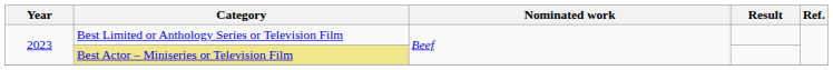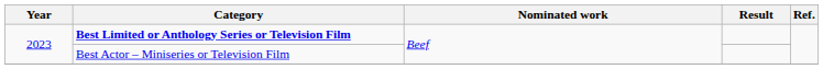 <table class=wikitable>
 <tr>
 <th scope="col" style="width:5em;">Year</th>
 <th scope="col" style="width:26em;">Category</th>
 <th scope="col" style="width:25em;">Nominated work</th>
 <th scope="col" style="width:5em;">Result</th>
 <th>Ref.</th>
 </tr>
 <tr>
 <td style="text-align:center;", rowspan="2"><a href='#'>2023</a></td>
-<td><a href='#'>Best Limited or Anthology Series or Television Film</a></td>
+<td><strong><a href='#'>Best Limited or Anthology Series or Television Film</a></strong></td>
 <td rowspan=2><em><a href='#'>Beef</a></em></td>
 <td></td>
 <td rowspan="2"></td>
 </tr>
 <tr>
-<td style="background: khaki;"><a href='#'>Best Actor – Miniseries or Television Film</a></td>
+<td><a href='#'>Best Actor – Miniseries or Television Film</a></td>
 <td></td>
 </tr>
 <tr>
 </tr>
 </table>
